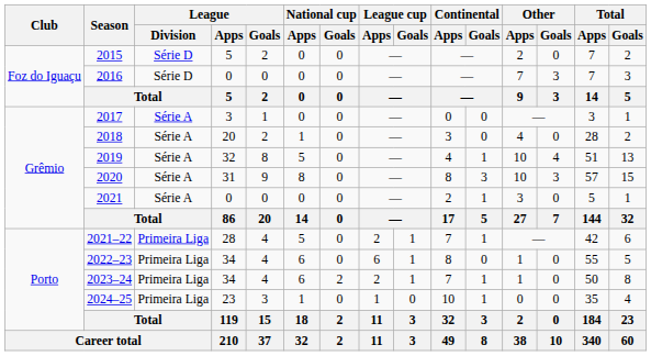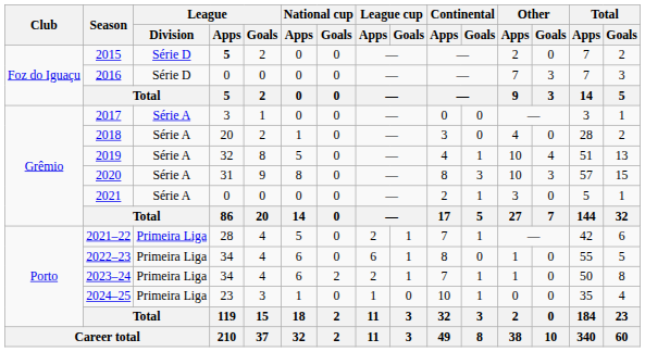 <table class="wikitable" style="text-align:center">
 <tr>
 <th rowspan="2">Club</th>
 <th rowspan="2">Season</th>
 <th colspan="3">League</th>
 <th colspan="2">National cup</th>
 <th colspan="2">League cup</th>
 <th colspan="2">Continental</th>
 <th colspan="2">Other</th>
 <th colspan="2">Total</th>
 </tr>
 <tr>
 <th>Division</th>
 <th>Apps</th>
 <th>Goals</th>
 <th>Apps</th>
 <th>Goals</th>
 <th>Apps</th>
 <th>Goals</th>
 <th>Apps</th>
 <th>Goals</th>
 <th>Apps</th>
 <th>Goals</th>
 <th>Apps</th>
 <th>Goals</th>
 </tr>
 <tr>
 <td rowspan="3"><a href='#'>Foz do Iguaçu</a></td>
 <td><a href='#'>2015</a></td>
 <td><a href='#'>Série D</a></td>
-<td>5</td>
+<td><strong>5</strong></td>
 <td>2</td>
 <td>0</td>
 <td>0</td>
 <td colspan="2">—</td>
 <td colspan="2">—</td>
 <td>2</td>
 <td>0</td>
 <td>7</td>
 <td>2</td>
 </tr>
 <tr>
 <td><a href='#'>2016</a></td>
 <td>Série D</td>
 <td>0</td>
 <td>0</td>
 <td>0</td>
 <td>0</td>
 <td colspan="2">—</td>
 <td colspan="2">—</td>
 <td>7</td>
 <td>3</td>
 <td>7</td>
 <td>3</td>
 </tr>
 <tr>
 <th colspan="2">Total</th>
 <th>5</th>
 <th>2</th>
 <th>0</th>
 <th>0</th>
 <th colspan="2">—</th>
 <th colspan="2">—</th>
 <th>9</th>
 <th>3</th>
 <th>14</th>
 <th>5</th>
 </tr>
 <tr>
 <td rowspan="6"><a href='#'>Grêmio</a></td>
 <td><a href='#'>2017</a></td>
 <td><a href='#'>Série A</a></td>
 <td>3</td>
 <td>1</td>
 <td>0</td>
 <td>0</td>
 <td colspan="2">—</td>
 <td>0</td>
 <td>0</td>
 <td colspan="2">—</td>
 <td>3</td>
 <td>1</td>
 </tr>
 <tr>
 <td><a href='#'>2018</a></td>
 <td>Série A</td>
 <td>20</td>
 <td>2</td>
 <td>1</td>
 <td>0</td>
 <td colspan="2">—</td>
 <td>3</td>
 <td>0</td>
 <td>4</td>
 <td>0</td>
 <td>28</td>
 <td>2</td>
 </tr>
 <tr>
 <td><a href='#'>2019</a></td>
 <td>Série A</td>
 <td>32</td>
 <td>8</td>
 <td>5</td>
 <td>0</td>
 <td colspan="2">—</td>
 <td>4</td>
 <td>1</td>
 <td>10</td>
 <td>4</td>
 <td>51</td>
 <td>13</td>
 </tr>
 <tr>
 <td><a href='#'>2020</a></td>
 <td>Série A</td>
 <td>31</td>
 <td>9</td>
 <td>8</td>
 <td>0</td>
 <td colspan="2">—</td>
 <td>8</td>
 <td>3</td>
 <td>10</td>
 <td>3</td>
 <td>57</td>
 <td>15</td>
 </tr>
 <tr>
 <td><a href='#'>2021</a></td>
 <td>Série A</td>
 <td>0</td>
 <td>0</td>
 <td>0</td>
 <td>0</td>
 <td colspan="2">—</td>
 <td>2</td>
 <td>1</td>
 <td>3</td>
 <td>0</td>
 <td>5</td>
 <td>1</td>
 </tr>
 <tr>
 <th colspan="2">Total</th>
 <th>86</th>
 <th>20</th>
 <th>14</th>
 <th>0</th>
 <th colspan="2">—</th>
 <th>17</th>
 <th>5</th>
 <th>27</th>
 <th>7</th>
 <th>144</th>
 <th>32</th>
 </tr>
 <tr>
 <td rowspan="5"><a href='#'>Porto</a></td>
 <td><a href='#'>2021–22</a></td>
 <td><a href='#'>Primeira Liga</a></td>
 <td>28</td>
 <td>4</td>
 <td>5</td>
 <td>0</td>
 <td>2</td>
 <td>1</td>
 <td>7</td>
 <td>1</td>
 <td colspan="2">—</td>
 <td>42</td>
 <td>6</td>
 </tr>
 <tr>
 <td><a href='#'>2022–23</a></td>
 <td>Primeira Liga</td>
 <td>34</td>
 <td>4</td>
 <td>6</td>
 <td>0</td>
 <td>6</td>
 <td>1</td>
 <td>8</td>
 <td>0</td>
 <td>1</td>
 <td>0</td>
 <td>55</td>
 <td>5</td>
 </tr>
 <tr>
 <td><a href='#'>2023–24</a></td>
 <td>Primeira Liga</td>
 <td>34</td>
 <td>4</td>
 <td>6</td>
 <td>2</td>
 <td>2</td>
 <td>1</td>
 <td>7</td>
 <td>1</td>
 <td>1</td>
 <td>0</td>
 <td>50</td>
 <td>8</td>
 </tr>
 <tr>
 <td><a href='#'>2024–25</a></td>
 <td>Primeira Liga</td>
 <td>23</td>
 <td>3</td>
 <td>1</td>
 <td>0</td>
 <td>1</td>
 <td>0</td>
 <td>10</td>
 <td>1</td>
 <td>0</td>
 <td>0</td>
 <td>35</td>
 <td>4</td>
 </tr>
 <tr>
 <th colspan="2">Total</th>
 <th>119</th>
 <th>15</th>
 <th>18</th>
 <th>2</th>
 <th>11</th>
 <th>3</th>
 <th>32</th>
 <th>3</th>
 <th>2</th>
 <th>0</th>
 <th>184</th>
 <th>23</th>
 </tr>
 <tr>
 <th colspan="3">Career total</th>
 <th>210</th>
 <th>37</th>
 <th>32</th>
 <th>2</th>
 <th>11</th>
 <th>3</th>
 <th>49</th>
 <th>8</th>
 <th>38</th>
 <th>10</th>
 <th>340</th>
 <th>60</th>
 </tr>
 </table>
